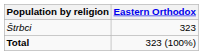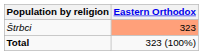 <table class="wikitable sortable">
 <tr>
 <th>Population by religion</th>
 <th><a href='#'>Eastern Orthodox</a></th>
 </tr>
 <tr>
 <td><em>Štrbci</em></td>
-<td align="right">323</td>
+<td align="right" style="background: lightsalmon;">323</td>
 </tr>
 <tr>
 <td><strong>Total</strong></td>
 <td align="right">323 (100%)</td>
 </tr>
 </table>
